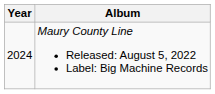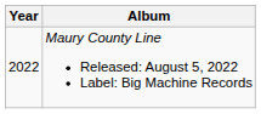 <table class="wikitable">
 <tr>
 <th>Year</th>
 <th>Album</th>
 </tr>
 <tr>
-<td>2024</td>
+<td>2022</td>
 <td><em>Maury County Line</em><br><ul><li>Released: August 5, 2022</li><li>Label: Big Machine Records</li></ul></td>
 </tr>
 </table>
